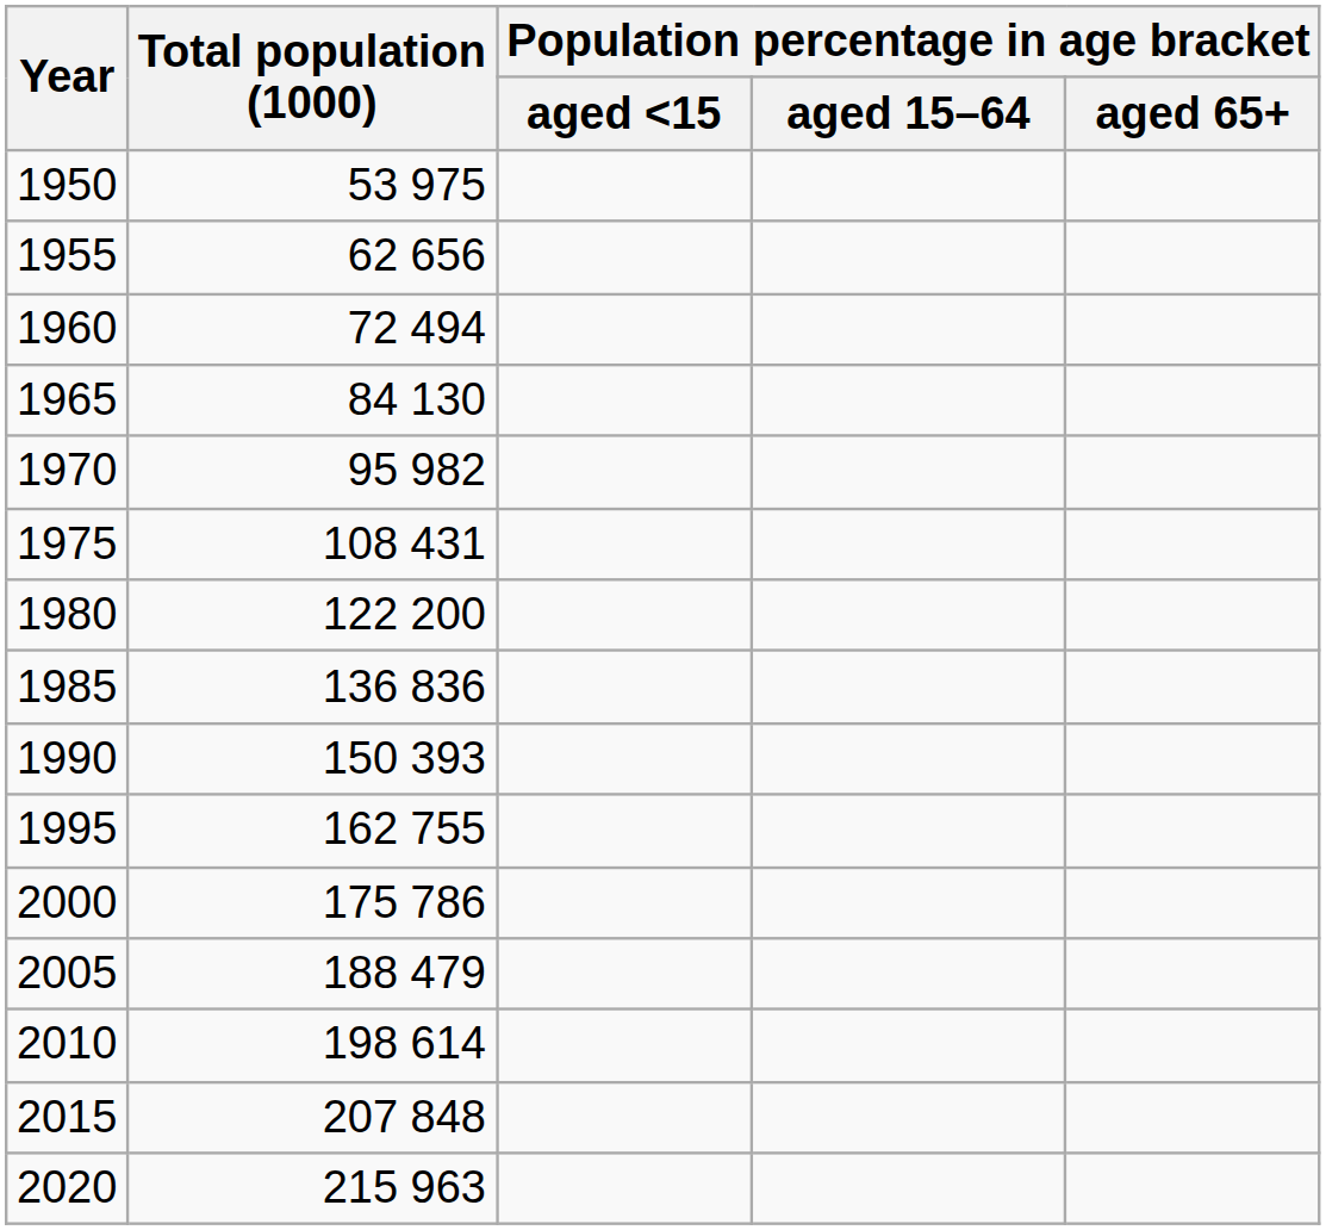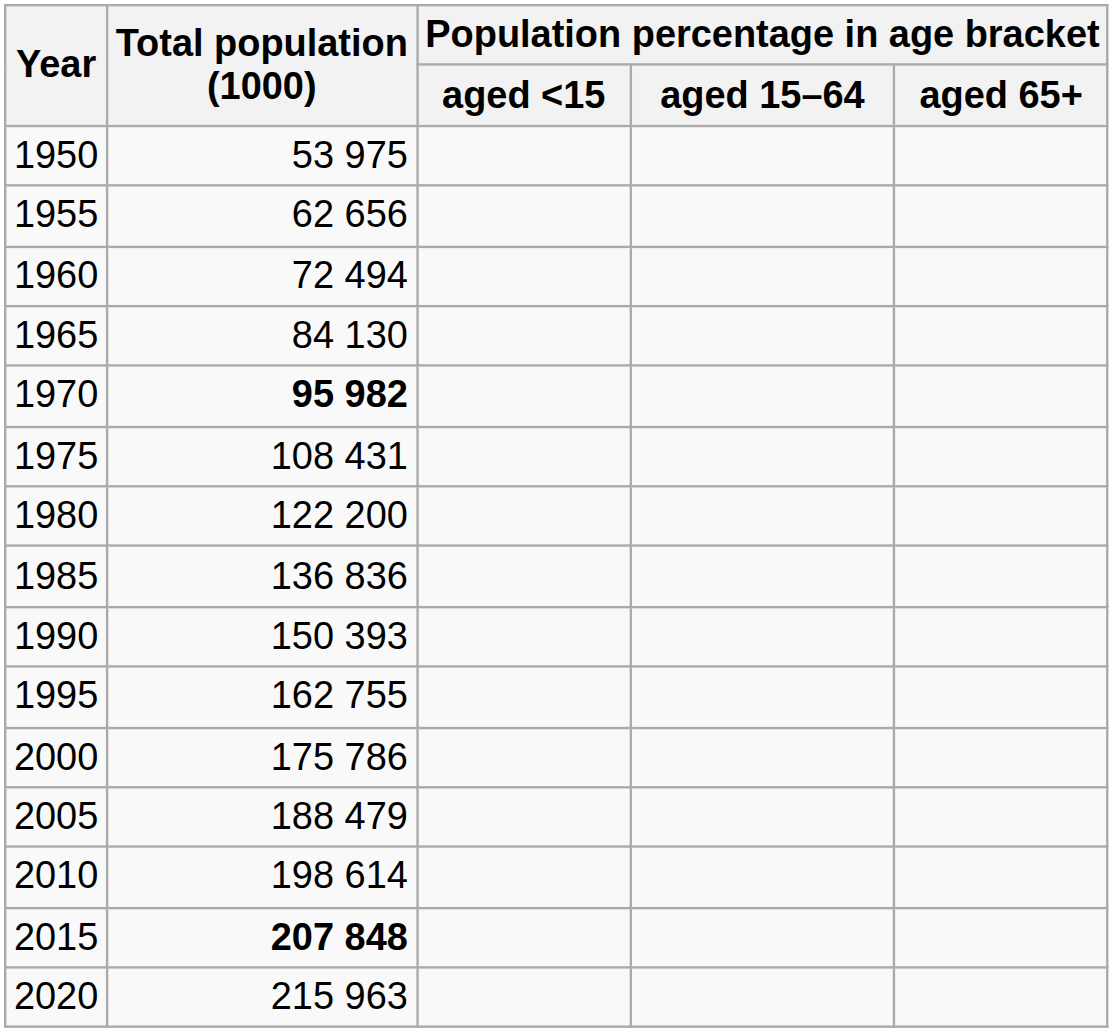 <table class="wikitable" style="text-align: right;">
 <tr>
 <th rowspan=2>Year</th>
 <th rowspan=2>Total population<br>(1000)</th>
 <th colspan=3>Population percentage in age bracket</th>
 </tr>
 <tr>
 <th>aged <15</th>
 <th>aged 15–64</th>
 <th>aged 65+</th>
 </tr>
 <tr>
 <td>1950</td>
 <td>53 975</td>
 <td></td>
 <td></td>
 <td></td>
 </tr>
 <tr>
 <td>1955</td>
 <td>62 656</td>
 <td></td>
 <td></td>
 <td></td>
 </tr>
 <tr>
 <td>1960</td>
 <td>72 494</td>
 <td></td>
 <td></td>
 <td></td>
 </tr>
 <tr>
 <td>1965</td>
 <td>84 130</td>
 <td></td>
 <td></td>
 <td></td>
 </tr>
 <tr>
 <td>1970</td>
-<td>95 982</td>
+<td><strong>95 982</strong></td>
 <td></td>
 <td></td>
 <td></td>
 </tr>
 <tr>
 <td>1975</td>
 <td>108 431</td>
 <td></td>
 <td></td>
 <td></td>
 </tr>
 <tr>
 <td>1980</td>
 <td>122 200</td>
 <td></td>
 <td></td>
 <td></td>
 </tr>
 <tr>
 <td>1985</td>
 <td>136 836</td>
 <td></td>
 <td></td>
 <td></td>
 </tr>
 <tr>
 <td>1990</td>
 <td>150 393</td>
 <td></td>
 <td></td>
 <td></td>
 </tr>
 <tr>
 <td>1995</td>
 <td>162 755</td>
 <td></td>
 <td></td>
 <td></td>
 </tr>
 <tr>
 <td>2000</td>
 <td>175 786</td>
 <td></td>
 <td></td>
 <td></td>
 </tr>
 <tr>
 <td>2005</td>
 <td>188 479</td>
 <td></td>
 <td></td>
 <td></td>
 </tr>
 <tr>
 <td>2010</td>
 <td>198 614</td>
 <td></td>
 <td></td>
 <td></td>
 </tr>
 <tr>
 <td>2015</td>
-<td>207 848</td>
+<td><strong>207 848</strong></td>
 <td></td>
 <td></td>
 <td></td>
 </tr>
 <tr>
 <td>2020</td>
 <td>215 963</td>
 <td></td>
 <td></td>
 <td></td>
 </tr>
 </table>
